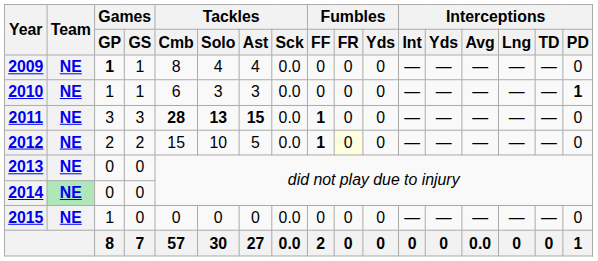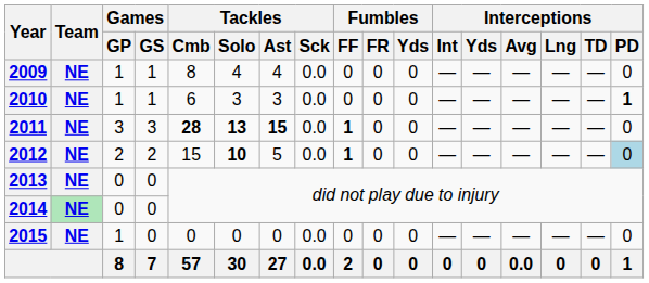 <table class="wikitable" style="text-align: center;">
 <tr>
 <th rowspan="2">Year</th>
 <th rowspan="2">Team</th>
 <th colspan="2">Games</th>
 <th colspan="4">Tackles</th>
 <th colspan="3">Fumbles</th>
 <th colspan="6">Interceptions</th>
 </tr>
 <tr>
 <th>GP</th>
 <th>GS</th>
 <th>Cmb</th>
 <th>Solo</th>
 <th>Ast</th>
 <th>Sck</th>
 <th>FF</th>
 <th>FR</th>
 <th>Yds</th>
 <th>Int</th>
 <th>Yds</th>
 <th>Avg</th>
 <th>Lng</th>
 <th>TD</th>
 <th>PD</th>
 </tr>
 <tr>
 <th><a href='#'>2009</a></th>
 <th><a href='#'>NE</a></th>
-<td><strong>1</strong></td>
+<td>1</td>
 <td>1</td>
 <td>8</td>
 <td>4</td>
 <td>4</td>
 <td>0.0</td>
 <td>0</td>
 <td>0</td>
 <td>0</td>
 <td>—</td>
 <td>—</td>
 <td>—</td>
 <td>—</td>
 <td>—</td>
 <td>0</td>
 </tr>
 <tr>
 <th><a href='#'>2010</a></th>
 <th><a href='#'>NE</a></th>
 <td>1</td>
 <td>1</td>
 <td>6</td>
 <td>3</td>
 <td>3</td>
 <td>0.0</td>
 <td>0</td>
 <td>0</td>
 <td>0</td>
 <td>—</td>
 <td>—</td>
 <td>—</td>
 <td>—</td>
 <td>—</td>
 <td><strong>1</strong></td>
 </tr>
 <tr>
 <th><a href='#'>2011</a></th>
 <th><a href='#'>NE</a></th>
 <td>3</td>
 <td>3</td>
 <td><strong>28</strong></td>
 <td><strong>13</strong></td>
 <td><strong>15</strong></td>
 <td>0.0</td>
 <td><strong>1</strong></td>
 <td>0</td>
 <td>0</td>
 <td>—</td>
 <td>—</td>
 <td>—</td>
 <td>—</td>
 <td>—</td>
 <td>0</td>
 </tr>
 <tr>
 <th><a href='#'>2012</a></th>
 <th><a href='#'>NE</a></th>
 <td>2</td>
 <td>2</td>
 <td>15</td>
-<td>10</td>
+<td><strong>10</strong></td>
 <td>5</td>
 <td>0.0</td>
 <td><strong>1</strong></td>
-<td style="background: lightyellow;">0</td>
+<td>0</td>
 <td>0</td>
 <td>—</td>
 <td>—</td>
 <td>—</td>
 <td>—</td>
 <td>—</td>
-<td>0</td>
+<td style="background: lightblue;">0</td>
 </tr>
 <tr>
 <th><a href='#'>2013</a></th>
 <th><a href='#'>NE</a></th>
 <td>0</td>
 <td>0</td>
 <td colspan="13" rowspan="2"><em>did not play due to injury</em></td>
 </tr>
 <tr>
 <th><a href='#'>2014</a></th>
 <th style="background:#afe6ba"><a href='#'>NE</a></th>
 <td>0</td>
 <td>0</td>
 </tr>
 <tr>
 <th><a href='#'>2015</a></th>
 <th><a href='#'>NE</a></th>
 <td>1</td>
 <td>0</td>
 <td>0</td>
 <td>0</td>
 <td>0</td>
 <td>0.0</td>
 <td>0</td>
 <td>0</td>
 <td>0</td>
 <td>—</td>
 <td>—</td>
 <td>—</td>
 <td>—</td>
 <td>—</td>
 <td>0</td>
 </tr>
 <tr>
 <th colspan="2"></th>
 <th>8</th>
 <th>7</th>
 <th>57</th>
 <th>30</th>
 <th>27</th>
 <th>0.0</th>
 <th>2</th>
 <th>0</th>
 <th>0</th>
 <th>0</th>
 <th>0</th>
 <th>0.0</th>
 <th>0</th>
 <th>0</th>
 <th>1</th>
 </tr>
 </table>
